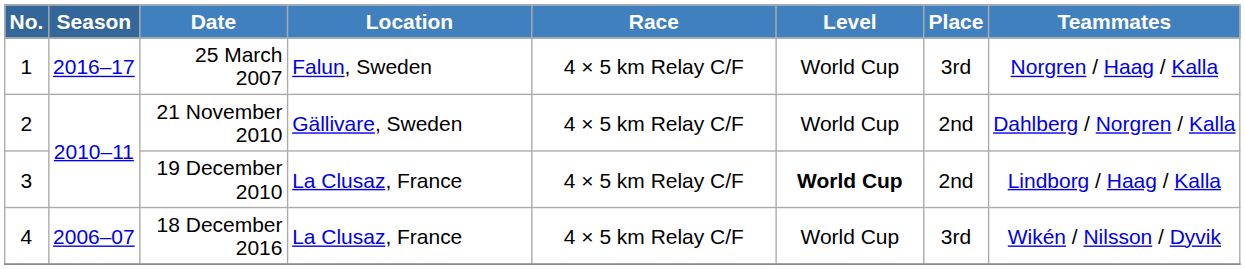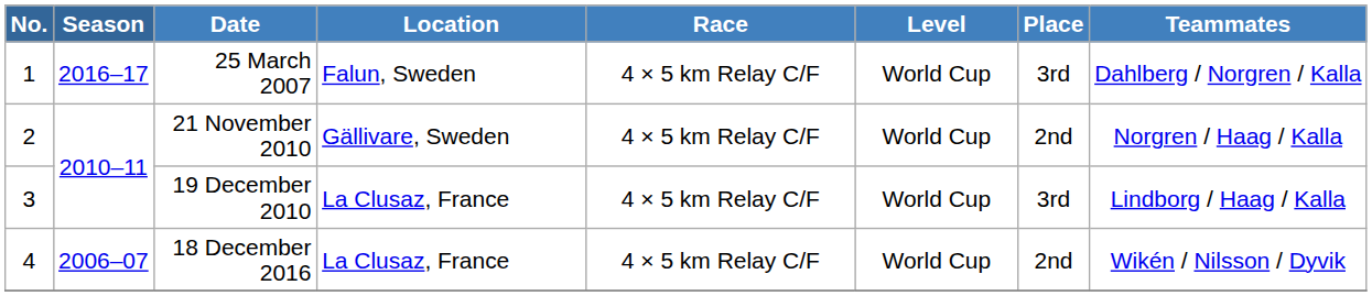 <table class="wikitable sortable" style="font-size:95%; text-align:center; border:grey solid 1px; border-collapse:collapse; background:#ffffff;">
 <tr style="background:#efefef;">
 <th style="background-color:#369; color:white;">No.</th>
 <th style="background-color:#369; color:white;">Season</th>
 <th style="background-color:#4180be; color:white; width:100px;">Date</th>
 <th style="background-color:#4180be; color:white; width:170px;">Location</th>
 <th style="background-color:#4180be; color:white; width:170px;">Race</th>
 <th style="background-color:#4180be; color:white; width:100px;">Level</th>
 <th style="background-color:#4180be; color:white;">Place</th>
 <th style="background-color:#4180be; color:white;">Teammates</th>
 </tr>
 <tr>
 <td align=center>1</td>
 <td rowspan=1 align=center><a href='#'>2016–17</a></td>
 <td align=right>25 March 2007</td>
 <td align=left> <a href='#'>Falun</a>, Sweden</td>
 <td>4 × 5 km Relay C/F</td>
 <td> World Cup </td>
 <td>3rd</td>
-<td><a href='#'>Norgren</a> / <a href='#'>Haag</a> / <a href='#'>Kalla</a></td>
+<td><a href='#'>Dahlberg</a> / <a href='#'>Norgren</a> / <a href='#'>Kalla</a></td>
 </tr>
 <tr>
 <td align=center>2</td>
 <td rowspan=2 align=center><a href='#'>2010–11</a></td>
 <td align=right>21 November 2010</td>
 <td align=left> <a href='#'>Gällivare</a>, Sweden</td>
 <td>4 × 5 km Relay C/F</td>
 <td> World Cup </td>
 <td>2nd</td>
-<td><a href='#'>Dahlberg</a> / <a href='#'>Norgren</a> / <a href='#'>Kalla</a></td>
+<td><a href='#'>Norgren</a> / <a href='#'>Haag</a> / <a href='#'>Kalla</a></td>
 </tr>
 <tr>
 <td align=center>3</td>
 <td align=right>19 December 2010</td>
 <td align=left> <a href='#'>La Clusaz</a>, France</td>
 <td>4 × 5 km Relay C/F</td>
-<td><strong>World Cup</strong></td>
-<td>2nd</td>
+<td>World Cup</td>
+<td>3rd</td>
 <td><a href='#'>Lindborg</a> / <a href='#'>Haag</a> / <a href='#'>Kalla</a></td>
 </tr>
 <tr>
 <td align=center>4</td>
 <td rowspan=1 align=center><a href='#'>2006–07</a></td>
 <td align=right>18 December 2016</td>
 <td align=left> <a href='#'>La Clusaz</a>, France</td>
 <td>4 × 5 km Relay C/F</td>
 <td>World Cup</td>
-<td>3rd</td>
+<td>2nd</td>
 <td><a href='#'>Wikén</a> / <a href='#'>Nilsson</a> / <a href='#'>Dyvik</a></td>
 </tr>
 <tr>
 </tr>
 </table>
